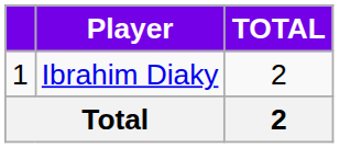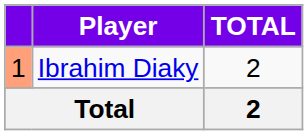 <table border="0" class="wikitable" style="text-align:center;font-size:95%">
 <tr>
 <th scope=col style="color:#FFFFFF; background:#7300E6;"></th>
 <th scope=col style="color:#FFFFFF; background:#7300E6;">Player</th>
 <th scope=col style="color:#FFFFFF; background:#7300E6;">TOTAL</th>
 </tr>
 <tr>
-<td>1</td>
+<td style="background: lightsalmon;">1</td>
 <td align=left> <a href='#'>Ibrahim Diaky</a></td>
 <td align=center>2</td>
 </tr>
 <tr>
 <th colspan="2">Total</th>
 <th>2</th>
 </tr>
 </table>
